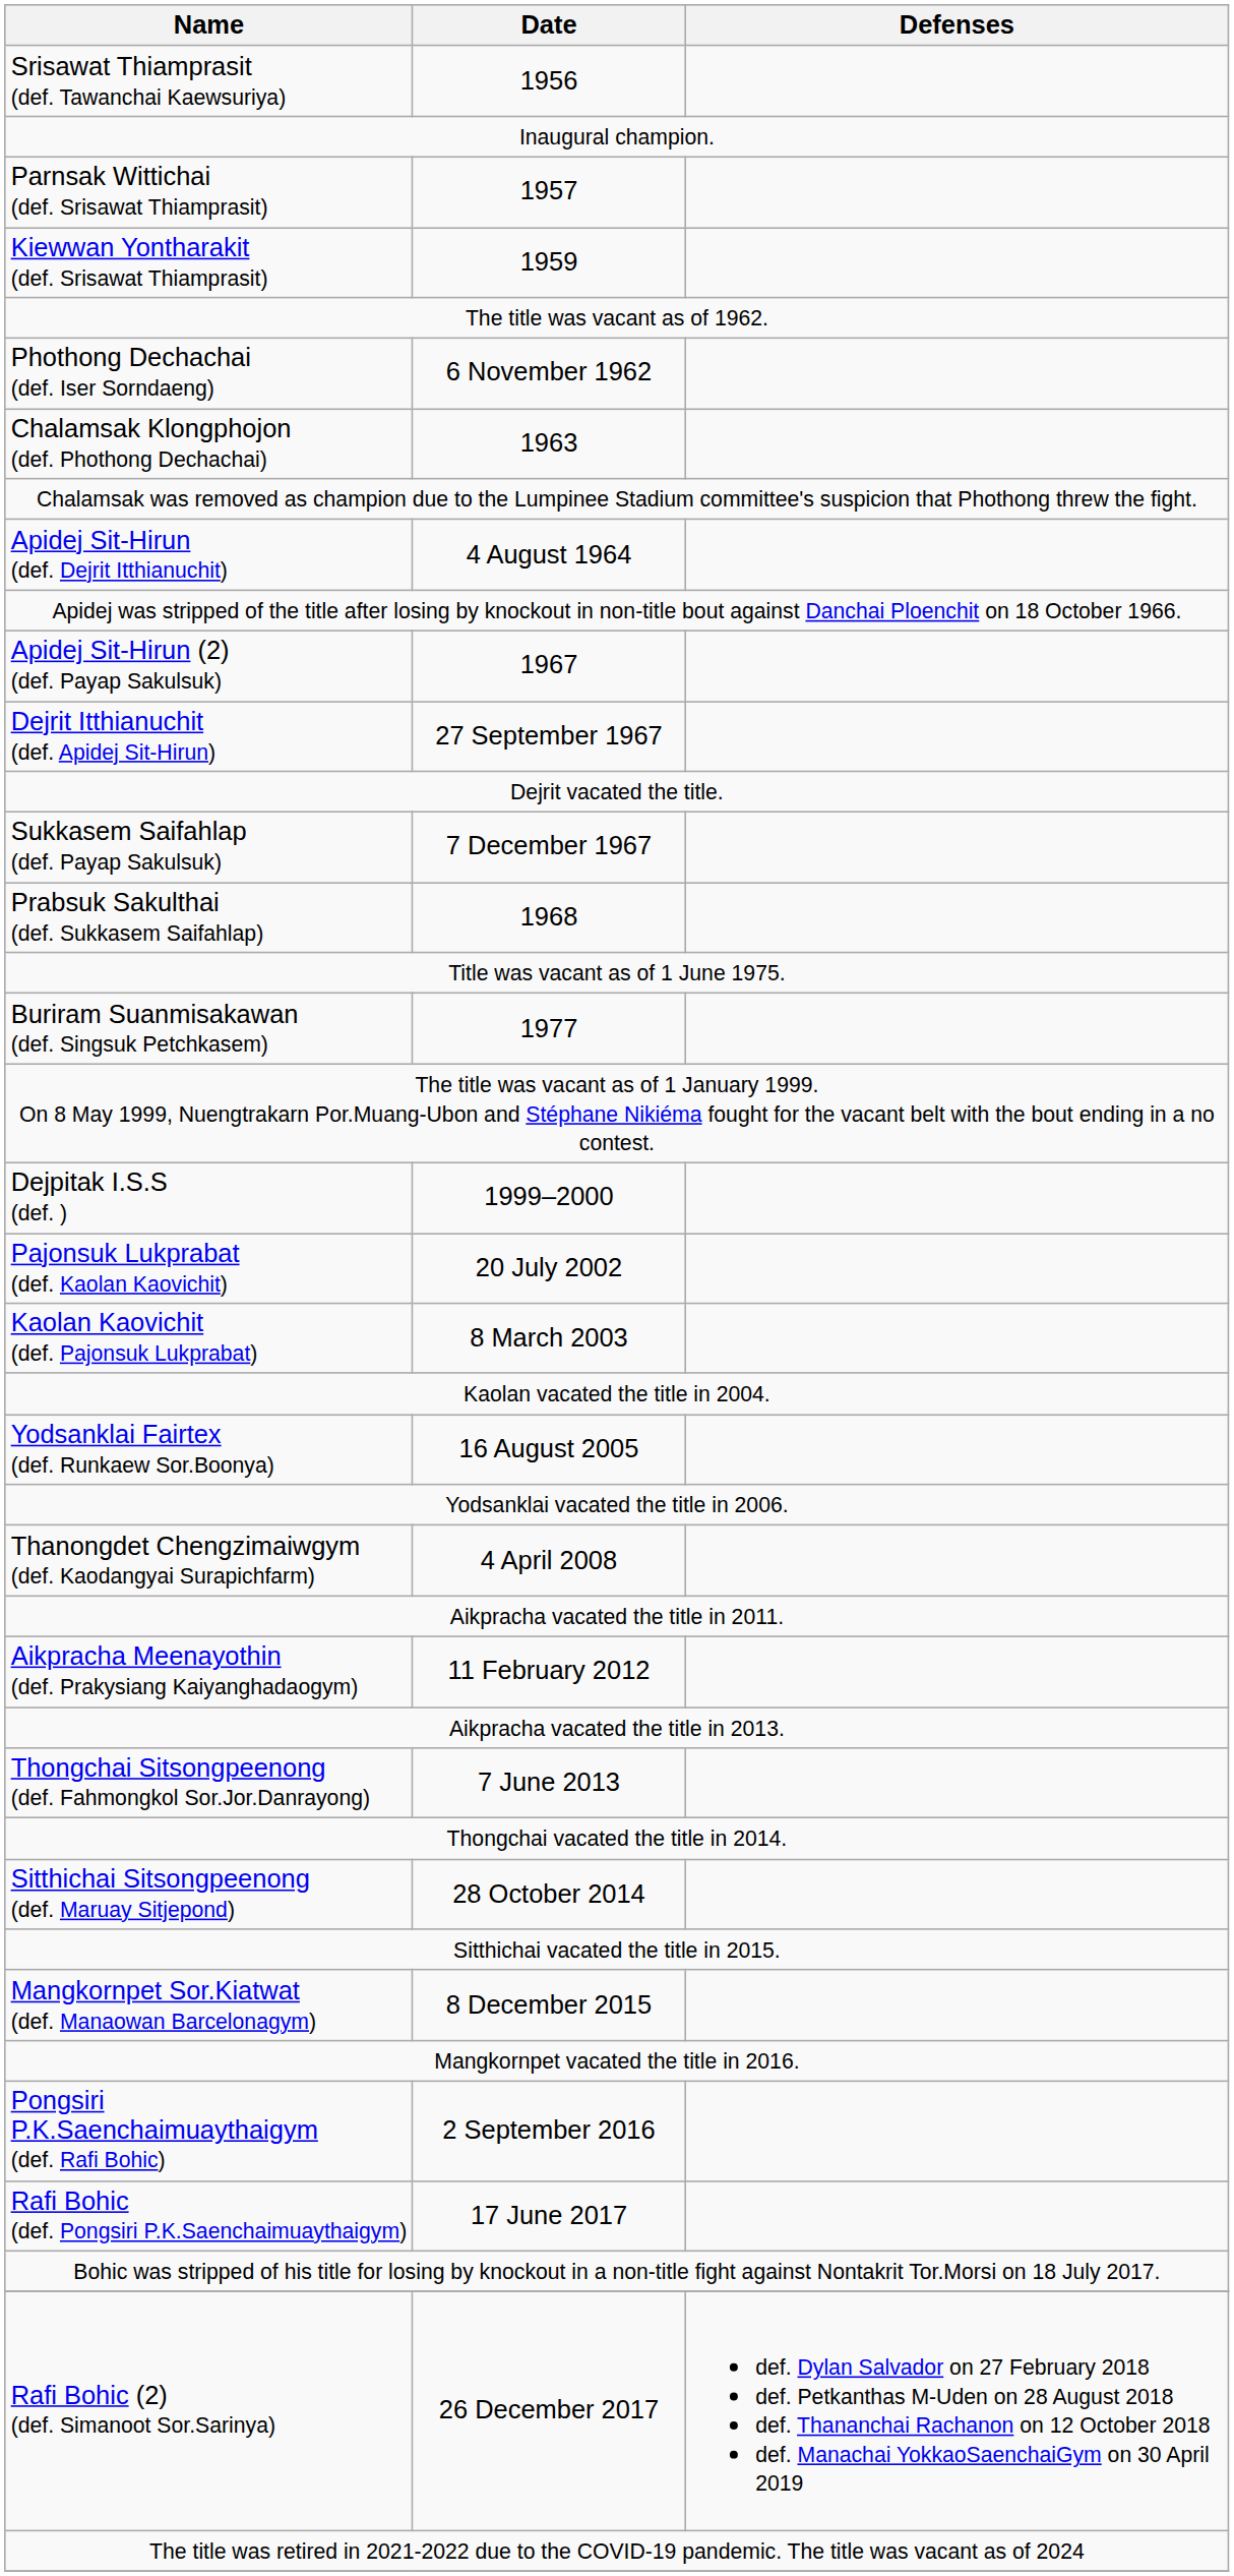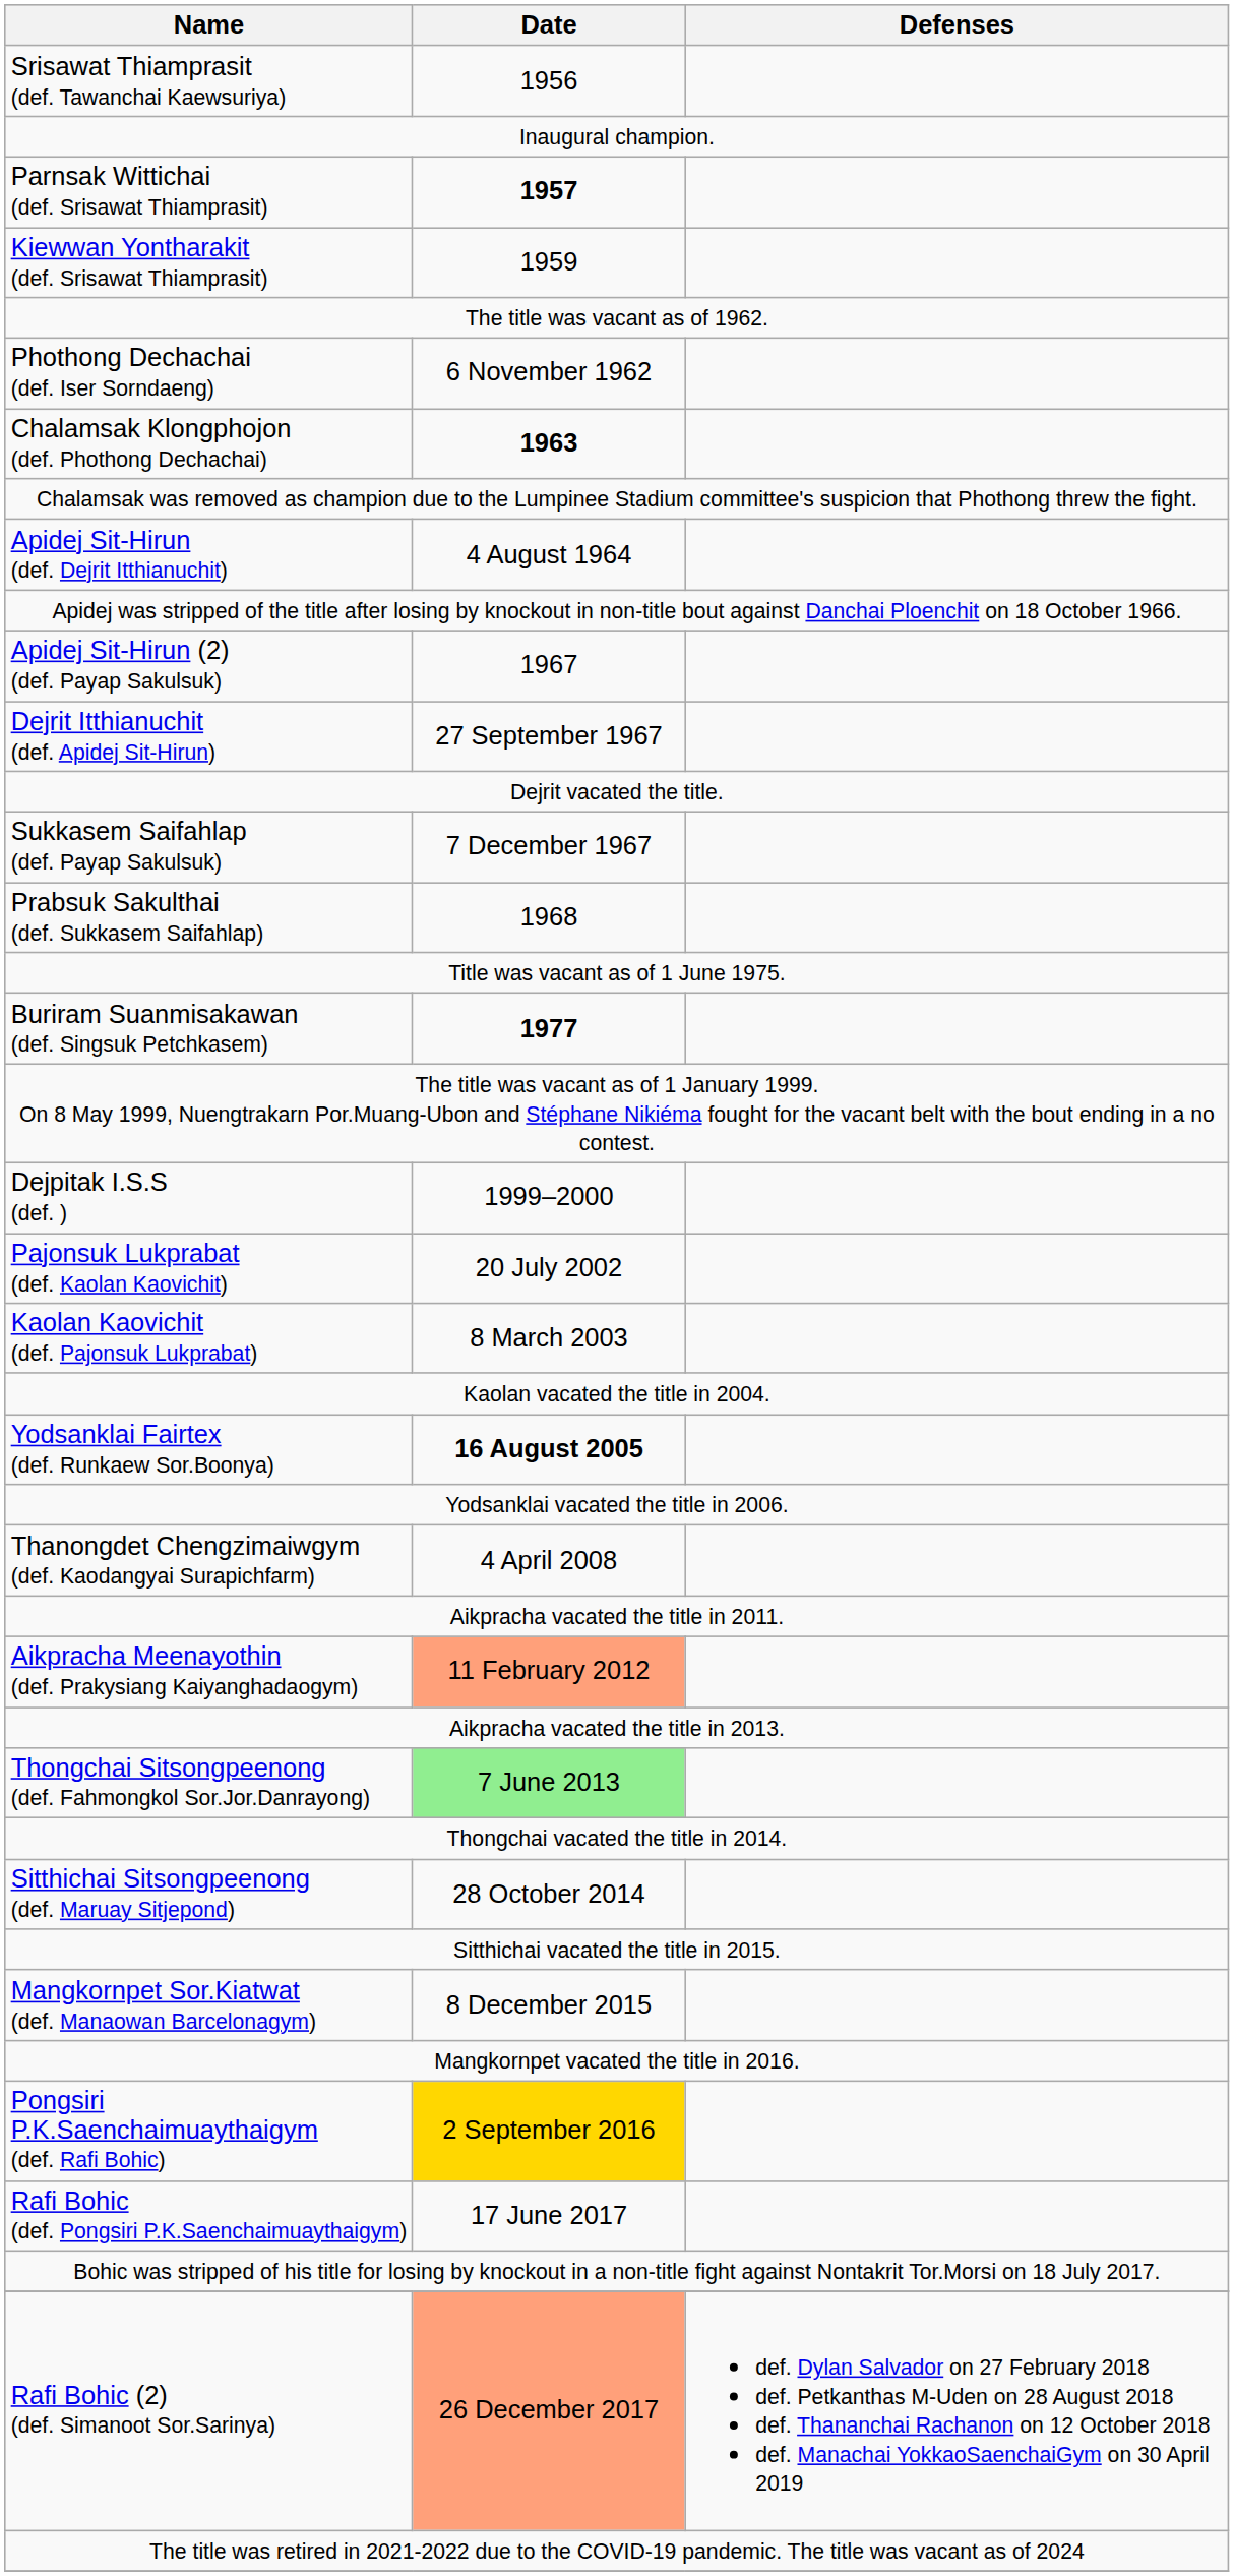 <table class="wikitable" width=60%>
 <tr>
 <th width=30%>Name</th>
 <th width=20%>Date</th>
 <th width=40%>Defenses</th>
 </tr>
 <tr>
 <td align=left> Srisawat Thiamprasit <br><small>(def. Tawanchai Kaewsuriya)</small></td>
 <td align=center>1956</td>
 <td></td>
 </tr>
 <tr>
 <td colspan=4 align=center><small>Inaugural champion.</small></td>
 </tr>
 <tr>
 <td align=left> Parnsak Wittichai <br><small>(def. Srisawat Thiamprasit)</small></td>
-<td align=center>1957</td>
+<td align=center><strong>1957</strong></td>
 <td></td>
 </tr>
 <tr>
 <td align=left> <a href='#'>Kiewwan Yontharakit</a> <br><small>(def. Srisawat Thiamprasit)</small></td>
 <td align=center>1959</td>
 <td></td>
 </tr>
 <tr>
 <td colspan="4" align=center><small>The title was vacant as of 1962.</small></td>
 </tr>
 <tr>
 <td align=left> Phothong Dechachai<br><small>(def. Iser Sorndaeng)</small></td>
 <td align=center>6 November 1962</td>
 <td></td>
 </tr>
 <tr>
 <td align=left> Chalamsak Klongphojon<br><small>(def. Phothong Dechachai)</small></td>
-<td align=center>1963</td>
+<td align=center><strong>1963</strong></td>
 <td></td>
 </tr>
 <tr>
 <td colspan="4" align=center><small>Chalamsak was removed as champion due to the Lumpinee Stadium committee's suspicion that Phothong threw the fight.</small></td>
 </tr>
 <tr>
 <td align=left> <a href='#'>Apidej Sit-Hirun</a><br><small>(def. <a href='#'>Dejrit Itthianuchit</a>)</small></td>
 <td align=center>4 August 1964</td>
 <td></td>
 </tr>
 <tr>
 <td colspan=4 align=center><small>Apidej was stripped of the title after losing by knockout in non-title bout against <a href='#'>Danchai Ploenchit</a> on 18 October 1966.</small></td>
 </tr>
 <tr>
 <td align=left> <a href='#'>Apidej Sit-Hirun</a> (2)<br><small>(def. Payap Sakulsuk)</small></td>
 <td align=center>1967</td>
 <td></td>
 </tr>
 <tr>
 <td align=left> <a href='#'>Dejrit Itthianuchit</a> <br><small>(def. <a href='#'>Apidej Sit-Hirun</a>)</small></td>
 <td align=center>27 September 1967</td>
 <td></td>
 </tr>
 <tr>
 <td colspan=4 align=center><small>Dejrit vacated the title.</small></td>
 </tr>
 <tr>
 <td align=left> Sukkasem Saifahlap <br><small>(def. Payap Sakulsuk)</small></td>
 <td align=center>7 December 1967</td>
 <td></td>
 </tr>
 <tr>
 <td align=left> Prabsuk Sakulthai <br><small>(def. Sukkasem Saifahlap)</small></td>
 <td align=center>1968</td>
 <td></td>
 </tr>
 <tr>
 <td colspan=4 align=center><small>Title was vacant as of 1 June 1975.</small></td>
 </tr>
 <tr>
 <td align=left> Buriram Suanmisakawan <br><small>(def. Singsuk Petchkasem)</small></td>
-<td align=center>1977</td>
+<td align=center><strong>1977</strong></td>
 <td></td>
 </tr>
 <tr>
 <td colspan=4 align=center><small>The title was vacant as of 1 January 1999.<br>On 8 May 1999, Nuengtrakarn Por.Muang-Ubon and <a href='#'>Stéphane Nikiéma</a> fought for the vacant belt with the bout ending in a no contest.</small></td>
 </tr>
 <tr>
 <td align=left> Dejpitak I.S.S <br><small>(def. )</small></td>
 <td align=center>1999–2000</td>
 <td></td>
 </tr>
 <tr>
 <td align=left> <a href='#'>Pajonsuk Lukprabat</a> <br><small>(def. <a href='#'>Kaolan Kaovichit</a>)</small></td>
 <td align=center>20 July 2002</td>
 <td></td>
 </tr>
 <tr>
 <td align=left> <a href='#'>Kaolan Kaovichit</a> <br><small>(def. <a href='#'>Pajonsuk Lukprabat</a>)</small></td>
 <td align=center>8 March 2003</td>
 <td></td>
 </tr>
 <tr>
 <td colspan=4 align=center><small>Kaolan vacated the title in 2004.</small></td>
 </tr>
 <tr>
 <td align=left> <a href='#'>Yodsanklai Fairtex</a> <br><small>(def. Runkaew Sor.Boonya)</small></td>
-<td align=center>16 August 2005</td>
+<td align=center><strong>16 August 2005</strong></td>
 <td></td>
 </tr>
 <tr>
 <td colspan=4 align=center><small>Yodsanklai vacated the title in 2006.</small></td>
 </tr>
 <tr>
 <td align=left> Thanongdet Chengzimaiwgym <br><small>(def. Kaodangyai Surapichfarm)</small></td>
 <td align=center>4 April 2008</td>
 <td></td>
 </tr>
 <tr>
 <td colspan=4 align=center><small>Aikpracha vacated the title in 2011.</small></td>
 </tr>
 <tr>
 <td align=left> <a href='#'>Aikpracha Meenayothin</a> <br><small>(def. Prakysiang Kaiyanghadaogym)</small></td>
-<td align=center>11 February 2012</td>
+<td align=center style="background: lightsalmon;">11 February 2012</td>
 <td></td>
 </tr>
 <tr>
 <td colspan=4 align=center><small>Aikpracha vacated the title in 2013.</small></td>
 </tr>
 <tr>
 <td align=left> <a href='#'>Thongchai Sitsongpeenong</a> <br><small>(def. Fahmongkol Sor.Jor.Danrayong)</small></td>
-<td align=center>7 June 2013</td>
+<td align=center style="background: lightgreen;">7 June 2013</td>
 <td></td>
 </tr>
 <tr>
 <td colspan=4 align=center><small>Thongchai vacated the title in 2014.</small></td>
 </tr>
 <tr>
 <td align=left> <a href='#'>Sitthichai Sitsongpeenong</a> <br><small>(def. <a href='#'>Maruay Sitjepond</a>)</small></td>
 <td align=center>28 October 2014</td>
 <td></td>
 </tr>
 <tr>
 <td colspan=4 align=center><small>Sitthichai vacated the title in 2015.</small></td>
 </tr>
 <tr>
 <td align=left> <a href='#'>Mangkornpet Sor.Kiatwat</a> <br><small>(def. <a href='#'>Manaowan Barcelonagym</a>)</small></td>
 <td align=center>8 December 2015</td>
 <td></td>
 </tr>
 <tr>
 <td colspan=4 align=center><small>Mangkornpet vacated the title in 2016.</small></td>
 </tr>
 <tr>
 <td align=left> <a href='#'>Pongsiri P.K.Saenchaimuaythaigym</a> <br><small>(def. <a href='#'>Rafi Bohic</a>)</small></td>
-<td align=center>2 September 2016</td>
+<td align=center style="background: gold;">2 September 2016</td>
 <td></td>
 </tr>
 <tr>
 <td align=left> <a href='#'>Rafi Bohic</a> <br><small>(def. <a href='#'>Pongsiri P.K.Saenchaimuaythaigym</a>)</small></td>
 <td align=center>17 June 2017</td>
 <td></td>
 </tr>
 <tr>
 <td colspan=4 align=center><small>Bohic was stripped of his title for losing by knockout in a non-title fight against Nontakrit Tor.Morsi on 18 July 2017.</small></td>
 </tr>
 <tr>
 </tr>
 <tr>
 <td align=left> <a href='#'>Rafi Bohic</a> (2)<br><small>(def. Simanoot Sor.Sarinya)</small></td>
-<td align=center>26 December 2017</td>
+<td align=center style="background: lightsalmon;">26 December 2017</td>
 <td><br><ul><li><small>def. <a href='#'>Dylan Salvador</a> on 27 February 2018</small></li><li><small>def. Petkanthas M-Uden on 28 August 2018</small></li><li><small>def. <a href='#'>Thananchai Rachanon</a> on 12 October 2018</small></li><li><small>def. <a href='#'>Manachai YokkaoSaenchaiGym</a> on 30 April 2019</small></li></ul></td>
 </tr>
 <tr>
 <td colspan=4 align=center><small>The title was retired in 2021-2022 due to the COVID-19 pandemic. The title was vacant as of 2024</small></td>
 </tr>
 <tr>
 </tr>
 </table>
